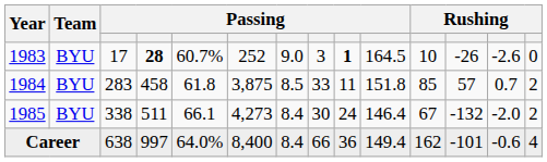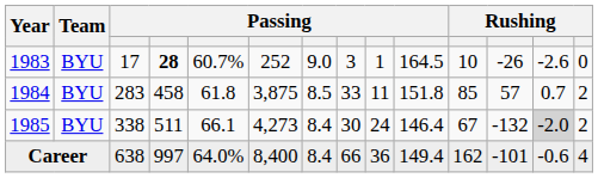 <table class="wikitable sortable" style="text-align:center;">
 <tr>
 <th rowspan=2>Year</th>
 <th rowspan=2>Team</th>
 <th colspan=8>Passing</th>
 <th colspan=4>Rushing</th>
 </tr>
 <tr>
 <th></th>
 <th></th>
 <th></th>
 <th></th>
 <th></th>
 <th></th>
 <th></th>
 <th></th>
 <th></th>
 <th></th>
 <th></th>
 <th></th>
 </tr>
 <tr>
 <td><a href='#'>1983</a></td>
 <td><a href='#'>BYU</a></td>
 <td>17</td>
 <td><strong>28</strong></td>
 <td>60.7%</td>
 <td>252</td>
 <td>9.0</td>
 <td>3</td>
-<td><strong>1</strong></td>
+<td>1</td>
 <td>164.5</td>
 <td>10</td>
 <td>-26</td>
 <td>-2.6</td>
 <td>0</td>
 </tr>
 <tr>
 <td><a href='#'>1984</a></td>
 <td><a href='#'>BYU</a></td>
 <td>283</td>
 <td>458</td>
 <td>61.8</td>
 <td>3,875</td>
 <td>8.5</td>
 <td>33</td>
 <td>11</td>
 <td>151.8</td>
 <td>85</td>
 <td>57</td>
 <td>0.7</td>
 <td>2</td>
 </tr>
 <tr>
 <td><a href='#'>1985</a></td>
 <td><a href='#'>BYU</a></td>
 <td>338</td>
 <td>511</td>
 <td>66.1</td>
 <td>4,273</td>
 <td>8.4</td>
 <td>30</td>
 <td>24</td>
 <td>146.4</td>
 <td>67</td>
 <td>-132</td>
-<td>-2.0</td>
+<td style="background: lightgrey;">-2.0</td>
 <td>2</td>
 </tr>
 <tr class="sortbottom" style="background:#eee;">
 <td colspan=2><strong>Career</strong></td>
 <td>638</td>
 <td>997</td>
 <td>64.0%</td>
 <td>8,400</td>
 <td>8.4</td>
 <td>66</td>
 <td>36</td>
 <td>149.4</td>
 <td>162</td>
 <td>-101</td>
 <td>-0.6</td>
 <td>4</td>
 </tr>
 </table>
